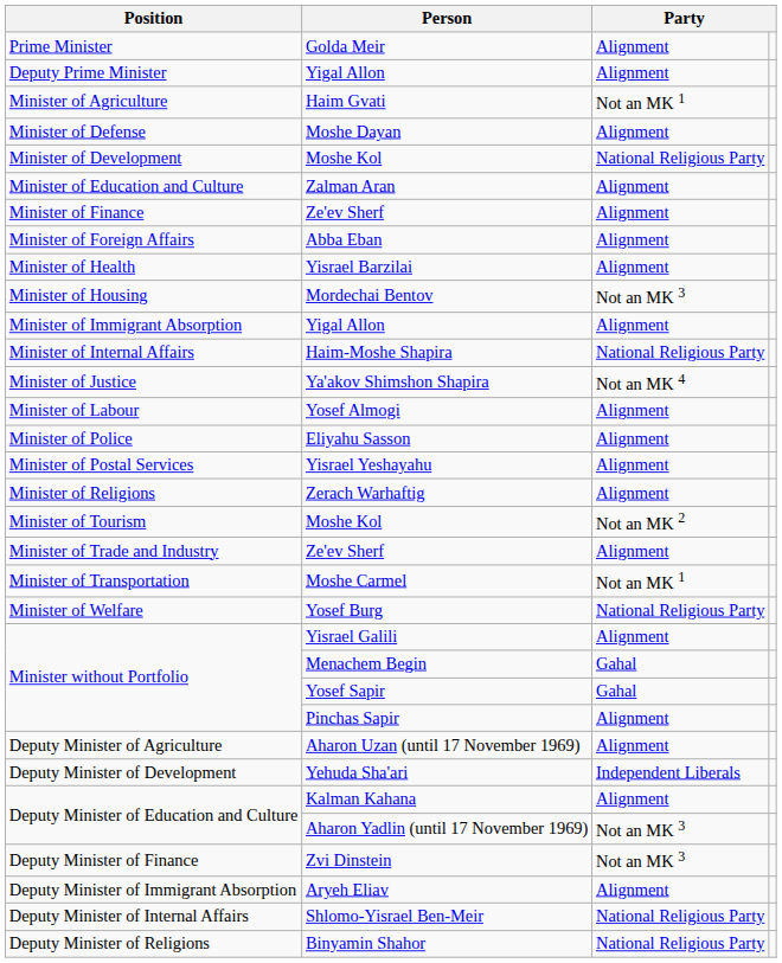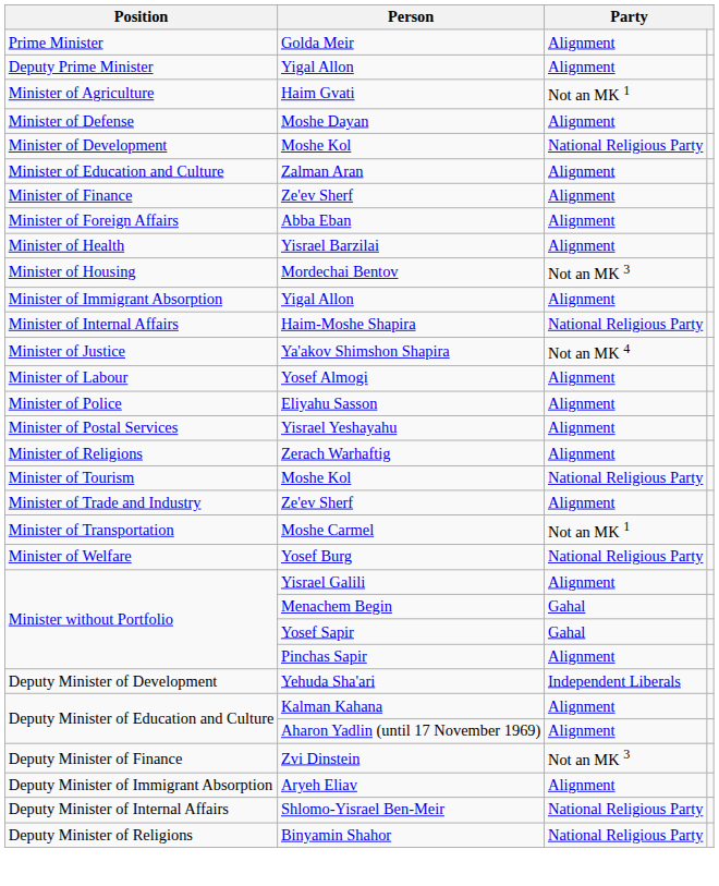 <table class=wikitable style="text-align:left">
 <tr>
 <th>Position</th>
 <th>Person</th>
 <th colspan=2>Party</th>
 </tr>
 <tr>
 <td><a href='#'>Prime Minister</a></td>
 <td><a href='#'>Golda Meir</a></td>
 <td><a href='#'>Alignment</a></td>
 <td style="background:"></td>
 </tr>
 <tr>
 <td><a href='#'>Deputy Prime Minister</a></td>
 <td><a href='#'>Yigal Allon</a></td>
 <td><a href='#'>Alignment</a></td>
 <td style="background:"></td>
 </tr>
 <tr>
 <td><a href='#'>Minister of Agriculture</a></td>
 <td><a href='#'>Haim Gvati</a></td>
 <td>Not an MK <sup>1</sup></td>
 <td style="background:"></td>
 </tr>
 <tr>
 <td><a href='#'>Minister of Defense</a></td>
 <td><a href='#'>Moshe Dayan</a></td>
 <td><a href='#'>Alignment</a></td>
 <td style="background:"></td>
 </tr>
 <tr>
 <td><a href='#'>Minister of Development</a></td>
 <td><a href='#'>Moshe Kol</a></td>
 <td><a href='#'>National Religious Party</a></td>
 <td style="background:"></td>
 </tr>
 <tr>
 <td><a href='#'>Minister of Education and Culture</a></td>
 <td><a href='#'>Zalman Aran</a></td>
 <td><a href='#'>Alignment</a></td>
 <td style="background:"></td>
 </tr>
 <tr>
 <td><a href='#'>Minister of Finance</a></td>
 <td><a href='#'>Ze'ev Sherf</a></td>
 <td><a href='#'>Alignment</a></td>
 <td style="background:"></td>
 </tr>
 <tr>
 <td><a href='#'>Minister of Foreign Affairs</a></td>
 <td><a href='#'>Abba Eban</a></td>
 <td><a href='#'>Alignment</a></td>
 <td style="background:"></td>
 </tr>
 <tr>
 <td><a href='#'>Minister of Health</a></td>
 <td><a href='#'>Yisrael Barzilai</a></td>
 <td><a href='#'>Alignment</a></td>
 <td style="background:"></td>
 </tr>
 <tr>
 <td><a href='#'>Minister of Housing</a></td>
 <td><a href='#'>Mordechai Bentov</a></td>
 <td>Not an MK <sup>3</sup></td>
 <td style="background:"></td>
 </tr>
 <tr>
 <td><a href='#'>Minister of Immigrant Absorption</a></td>
 <td><a href='#'>Yigal Allon</a></td>
 <td><a href='#'>Alignment</a></td>
 <td style="background:"></td>
 </tr>
 <tr>
 <td><a href='#'>Minister of Internal Affairs</a></td>
 <td><a href='#'>Haim-Moshe Shapira</a></td>
 <td><a href='#'>National Religious Party</a></td>
 <td style="background:"></td>
 </tr>
 <tr>
 <td><a href='#'>Minister of Justice</a></td>
 <td><a href='#'>Ya'akov Shimshon Shapira</a></td>
 <td>Not an MK <sup>4</sup></td>
 <td style="background:"></td>
 </tr>
 <tr>
 <td><a href='#'>Minister of Labour</a></td>
 <td><a href='#'>Yosef Almogi</a></td>
 <td><a href='#'>Alignment</a></td>
 <td style="background:"></td>
 </tr>
 <tr>
 <td><a href='#'>Minister of Police</a></td>
 <td><a href='#'>Eliyahu Sasson</a></td>
 <td><a href='#'>Alignment</a></td>
 <td style="background:"></td>
 </tr>
 <tr>
 <td><a href='#'>Minister of Postal Services</a></td>
 <td><a href='#'>Yisrael Yeshayahu</a></td>
 <td><a href='#'>Alignment</a></td>
 <td style="background:"></td>
 </tr>
 <tr>
 <td><a href='#'>Minister of Religions</a></td>
 <td><a href='#'>Zerach Warhaftig</a></td>
 <td><a href='#'>Alignment</a></td>
 <td style="background:"></td>
 </tr>
 <tr>
 <td><a href='#'>Minister of Tourism</a></td>
 <td><a href='#'>Moshe Kol</a></td>
-<td>Not an MK <sup>2</sup></td>
+<td><a href='#'>National Religious Party</a></td>
 <td style="background:"></td>
 </tr>
 <tr>
 <td><a href='#'>Minister of Trade and Industry</a></td>
 <td><a href='#'>Ze'ev Sherf</a></td>
 <td><a href='#'>Alignment</a></td>
 <td style="background:"></td>
 </tr>
 <tr>
 <td><a href='#'>Minister of Transportation</a></td>
 <td><a href='#'>Moshe Carmel</a></td>
 <td>Not an MK <sup>1</sup></td>
 <td style="background:"></td>
 </tr>
 <tr>
 <td><a href='#'>Minister of Welfare</a></td>
 <td><a href='#'>Yosef Burg</a></td>
 <td><a href='#'>National Religious Party</a></td>
 <td style="background:"></td>
 </tr>
 <tr>
 <td rowspan=4><a href='#'>Minister without Portfolio</a></td>
 <td><a href='#'>Yisrael Galili</a></td>
 <td><a href='#'>Alignment</a></td>
 <td style="background:"></td>
 </tr>
 <tr>
 <td><a href='#'>Menachem Begin</a></td>
 <td><a href='#'>Gahal</a></td>
 <td style="background:"></td>
 </tr>
 <tr>
 <td><a href='#'>Yosef Sapir</a></td>
 <td><a href='#'>Gahal</a></td>
 <td style="background:"></td>
 </tr>
 <tr>
 <td><a href='#'>Pinchas Sapir</a></td>
 <td><a href='#'>Alignment</a></td>
 <td style="background:"></td>
 </tr>
 <tr>
-<td>Deputy Minister of Agriculture</td>
-<td><a href='#'>Aharon Uzan</a> (until 17 November 1969)</td>
-<td><a href='#'>Alignment</a></td>
-<td style="background:"></td>
-</tr>
-<tr>
 <td>Deputy Minister of Development</td>
 <td><a href='#'>Yehuda Sha'ari</a></td>
 <td><a href='#'>Independent Liberals</a></td>
 <td style="background:"></td>
 </tr>
 <tr>
 <td rowspan=2>Deputy Minister of Education and Culture</td>
 <td><a href='#'>Kalman Kahana</a></td>
 <td><a href='#'>Alignment</a></td>
 <td style="background:"></td>
 </tr>
 <tr>
 <td><a href='#'>Aharon Yadlin</a> (until 17 November 1969)</td>
-<td>Not an MK <sup>3</sup></td>
+<td><a href='#'>Alignment</a></td>
 <td style="background:"></td>
 </tr>
 <tr>
 <td>Deputy Minister of Finance</td>
 <td><a href='#'>Zvi Dinstein</a></td>
 <td>Not an MK <sup>3</sup></td>
 <td style="background:"></td>
 </tr>
 <tr>
 <td>Deputy Minister of Immigrant Absorption</td>
 <td><a href='#'>Aryeh Eliav</a></td>
 <td><a href='#'>Alignment</a></td>
 <td style="background:"></td>
 </tr>
 <tr>
 <td>Deputy Minister of Internal Affairs</td>
 <td><a href='#'>Shlomo-Yisrael Ben-Meir</a></td>
 <td><a href='#'>National Religious Party</a></td>
 <td style="background:"></td>
 </tr>
 <tr>
 <td>Deputy Minister of Religions</td>
 <td><a href='#'>Binyamin Shahor</a></td>
 <td><a href='#'>National Religious Party</a></td>
 <td style="background:"></td>
 </tr>
 </table>
